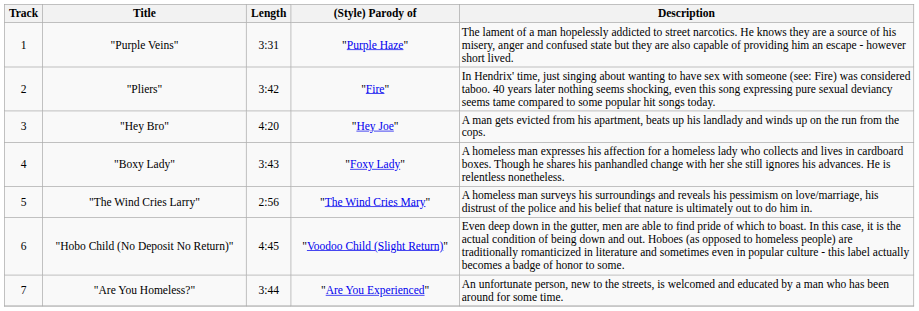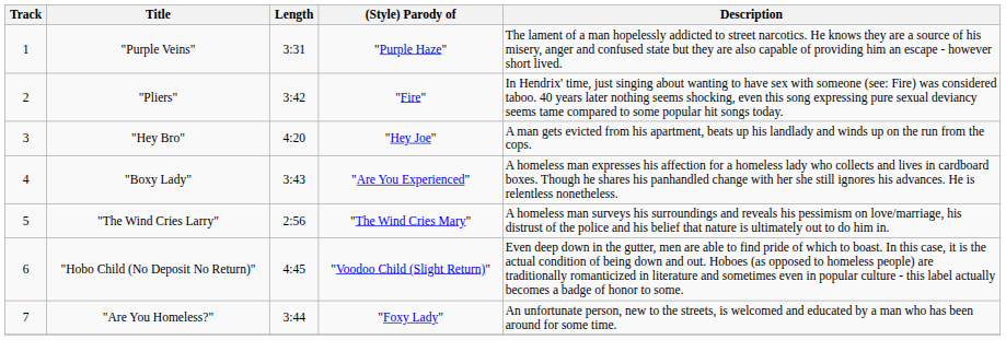 <table class="wikitable" width="100%">
 <tr>
 <th>Track</th>
 <th>Title</th>
 <th>Length</th>
 <th>(Style) Parody of</th>
 <th width="50%">Description</th>
 </tr>
 <tr align="center">
 <td>1</td>
 <td>"Purple Veins"</td>
 <td>3:31</td>
 <td>"<a href='#'>Purple Haze</a>"</td>
 <td align="left">The lament of a man hopelessly addicted to street narcotics. He knows they are a source of his misery, anger and confused state but they are also capable of providing him an escape - however short lived.</td>
 </tr>
 <tr align="center">
 <td>2</td>
 <td>"Pliers"</td>
 <td>3:42</td>
 <td>"<a href='#'>Fire</a>"</td>
 <td align="left">In Hendrix' time, just singing about wanting to have sex with someone (see: Fire) was considered taboo. 40 years later nothing seems shocking, even this song expressing pure sexual deviancy seems tame compared to some popular hit songs today.</td>
 </tr>
 <tr align="center">
 <td>3</td>
 <td>"Hey Bro"</td>
 <td>4:20</td>
 <td>"<a href='#'>Hey Joe</a>"</td>
 <td align="left">A man gets evicted from his apartment, beats up his landlady and winds up on the run from the cops.</td>
 </tr>
 <tr align="center">
 <td>4</td>
 <td>"Boxy Lady"</td>
 <td>3:43</td>
-<td>"<a href='#'>Foxy Lady</a>"</td>
+<td>"<a href='#'>Are You Experienced</a>"</td>
 <td align="left">A homeless man expresses his affection for a homeless lady who collects and lives in cardboard boxes. Though he shares his panhandled change with her she still ignores his advances. He is relentless nonetheless.</td>
 </tr>
 <tr align="center">
 <td>5</td>
 <td>"The Wind Cries Larry"</td>
 <td>2:56</td>
 <td>"<a href='#'>The Wind Cries Mary</a>"</td>
 <td align="left">A homeless man surveys his surroundings and reveals his pessimism on love/marriage, his distrust of the police and his belief that nature is ultimately out to do him in.</td>
 </tr>
 <tr align="center">
 <td>6</td>
 <td>"Hobo Child (No Deposit No Return)"</td>
 <td>4:45</td>
 <td>"<a href='#'>Voodoo Child (Slight Return)</a>"</td>
 <td align="left">Even deep down in the gutter, men are able to find pride of which to boast. In this case, it is the actual condition of being down and out. Hoboes (as opposed to homeless people) are traditionally romanticized in literature and sometimes even in popular culture - this label actually becomes a badge of honor to some.</td>
 </tr>
 <tr align="center">
 <td>7</td>
 <td>"Are You Homeless?"</td>
 <td>3:44</td>
-<td>"<a href='#'>Are You Experienced</a>"</td>
+<td>"<a href='#'>Foxy Lady</a>"</td>
 <td align="left">An unfortunate person, new to the streets, is welcomed and educated by a man who has been around for some time.</td>
 </tr>
 <tr align="center">
 </tr>
 </table>
